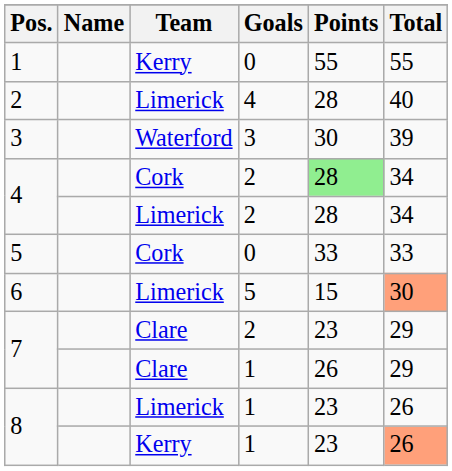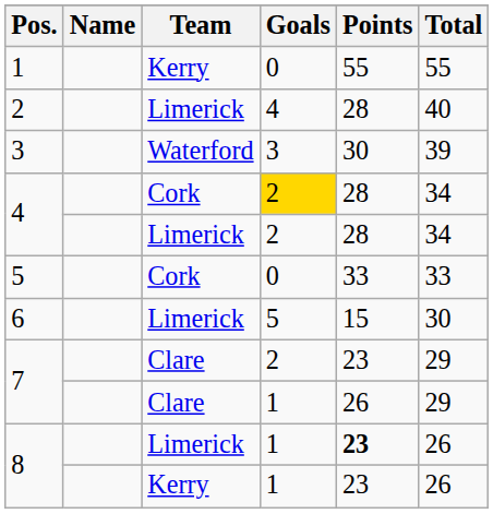 <table class="wikitable sortable">
 <tr>
 </tr>
 <tr>
 <th>Pos.</th>
 <th>Name</th>
 <th>Team</th>
 <th>Goals</th>
 <th>Points</th>
 <th>Total</th>
 </tr>
 <tr>
 <td>1</td>
 <td></td>
 <td><a href='#'>Kerry</a></td>
 <td>0</td>
 <td>55</td>
 <td>55</td>
 </tr>
 <tr>
 <td>2</td>
 <td></td>
 <td><a href='#'>Limerick</a></td>
 <td>4</td>
 <td>28</td>
 <td>40</td>
 </tr>
 <tr>
 <td>3</td>
 <td></td>
 <td><a href='#'>Waterford</a></td>
 <td>3</td>
 <td>30</td>
 <td>39</td>
 </tr>
 <tr>
 <td rowspan=2>4</td>
 <td></td>
 <td><a href='#'>Cork</a></td>
-<td>2</td>
-<td style="background: lightgreen;">28</td>
+<td style="background: gold;">2</td>
+<td>28</td>
 <td>34</td>
 </tr>
 <tr>
 <td></td>
 <td><a href='#'>Limerick</a></td>
 <td>2</td>
 <td>28</td>
 <td>34</td>
 </tr>
 <tr>
 <td>5</td>
 <td></td>
 <td><a href='#'>Cork</a></td>
 <td>0</td>
 <td>33</td>
 <td>33</td>
 </tr>
 <tr>
 <td>6</td>
 <td></td>
 <td><a href='#'>Limerick</a></td>
 <td>5</td>
 <td>15</td>
-<td style="background: lightsalmon;">30</td>
+<td>30</td>
 </tr>
 <tr>
 <td rowspan=2>7</td>
 <td></td>
 <td><a href='#'>Clare</a></td>
 <td>2</td>
 <td>23</td>
 <td>29</td>
 </tr>
 <tr>
 <td></td>
 <td><a href='#'>Clare</a></td>
 <td>1</td>
 <td>26</td>
 <td>29</td>
 </tr>
 <tr>
 <td rowspan=2>8</td>
 <td></td>
 <td><a href='#'>Limerick</a></td>
 <td>1</td>
-<td>23</td>
+<td><strong>23</strong></td>
 <td>26</td>
 </tr>
 <tr>
 <td></td>
 <td><a href='#'>Kerry</a></td>
 <td>1</td>
 <td>23</td>
-<td style="background: lightsalmon;">26</td>
+<td>26</td>
 </tr>
 </table>
